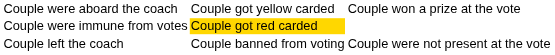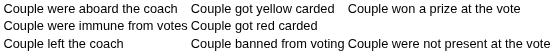 <table>
 <tr>
 <td> Couple were aboard the coach</td>
 <td> Couple got yellow carded</td>
 <td> Couple won a prize at the vote</td>
 </tr>
 <tr>
 <td> Couple were immune from votes</td>
-<td style="background: gold;"> Couple got red carded</td>
+<td> Couple got red carded</td>
 </tr>
 <tr>
 <td> Couple left the coach</td>
 <td> Couple banned from voting</td>
 <td> Couple were not present at the vote</td>
 </tr>
 </table>
